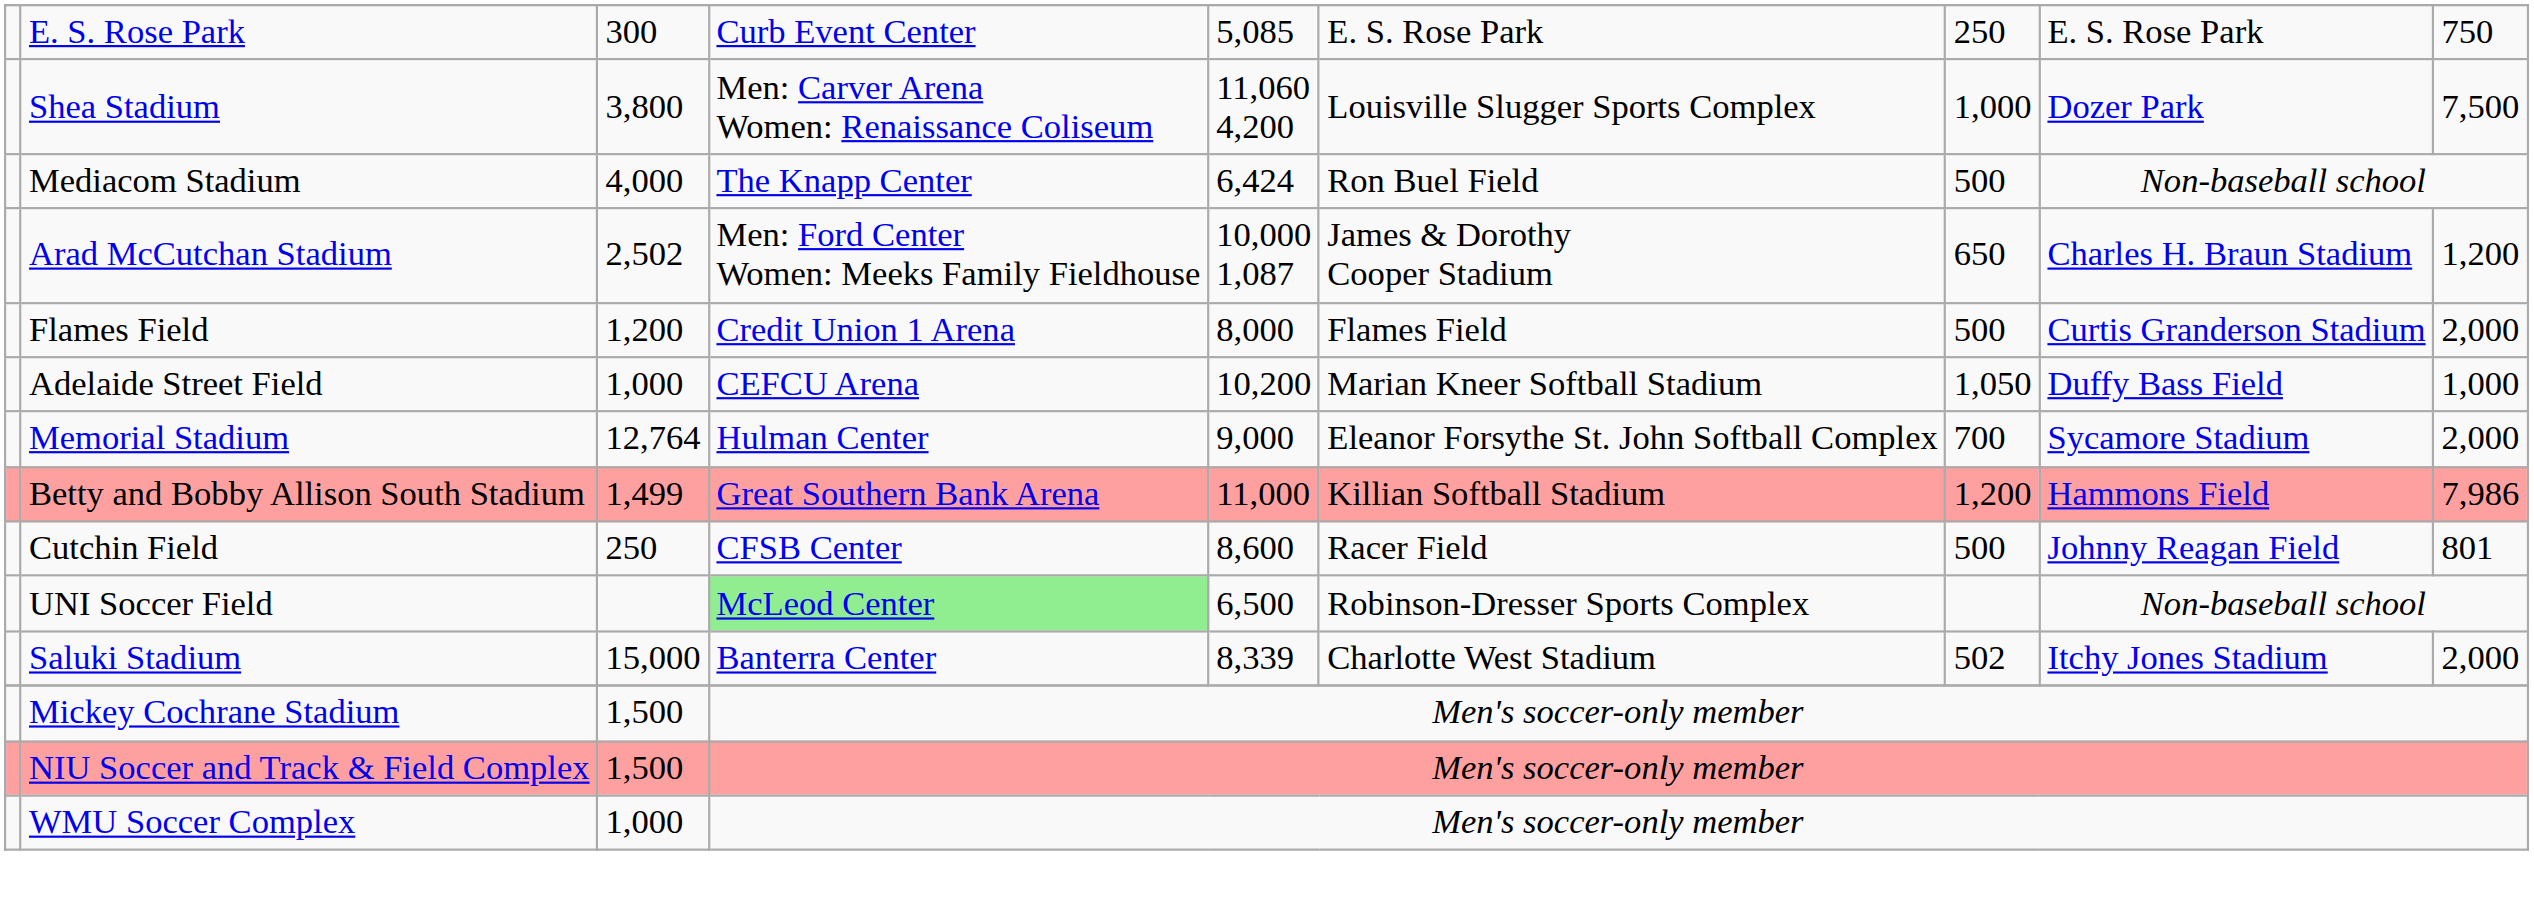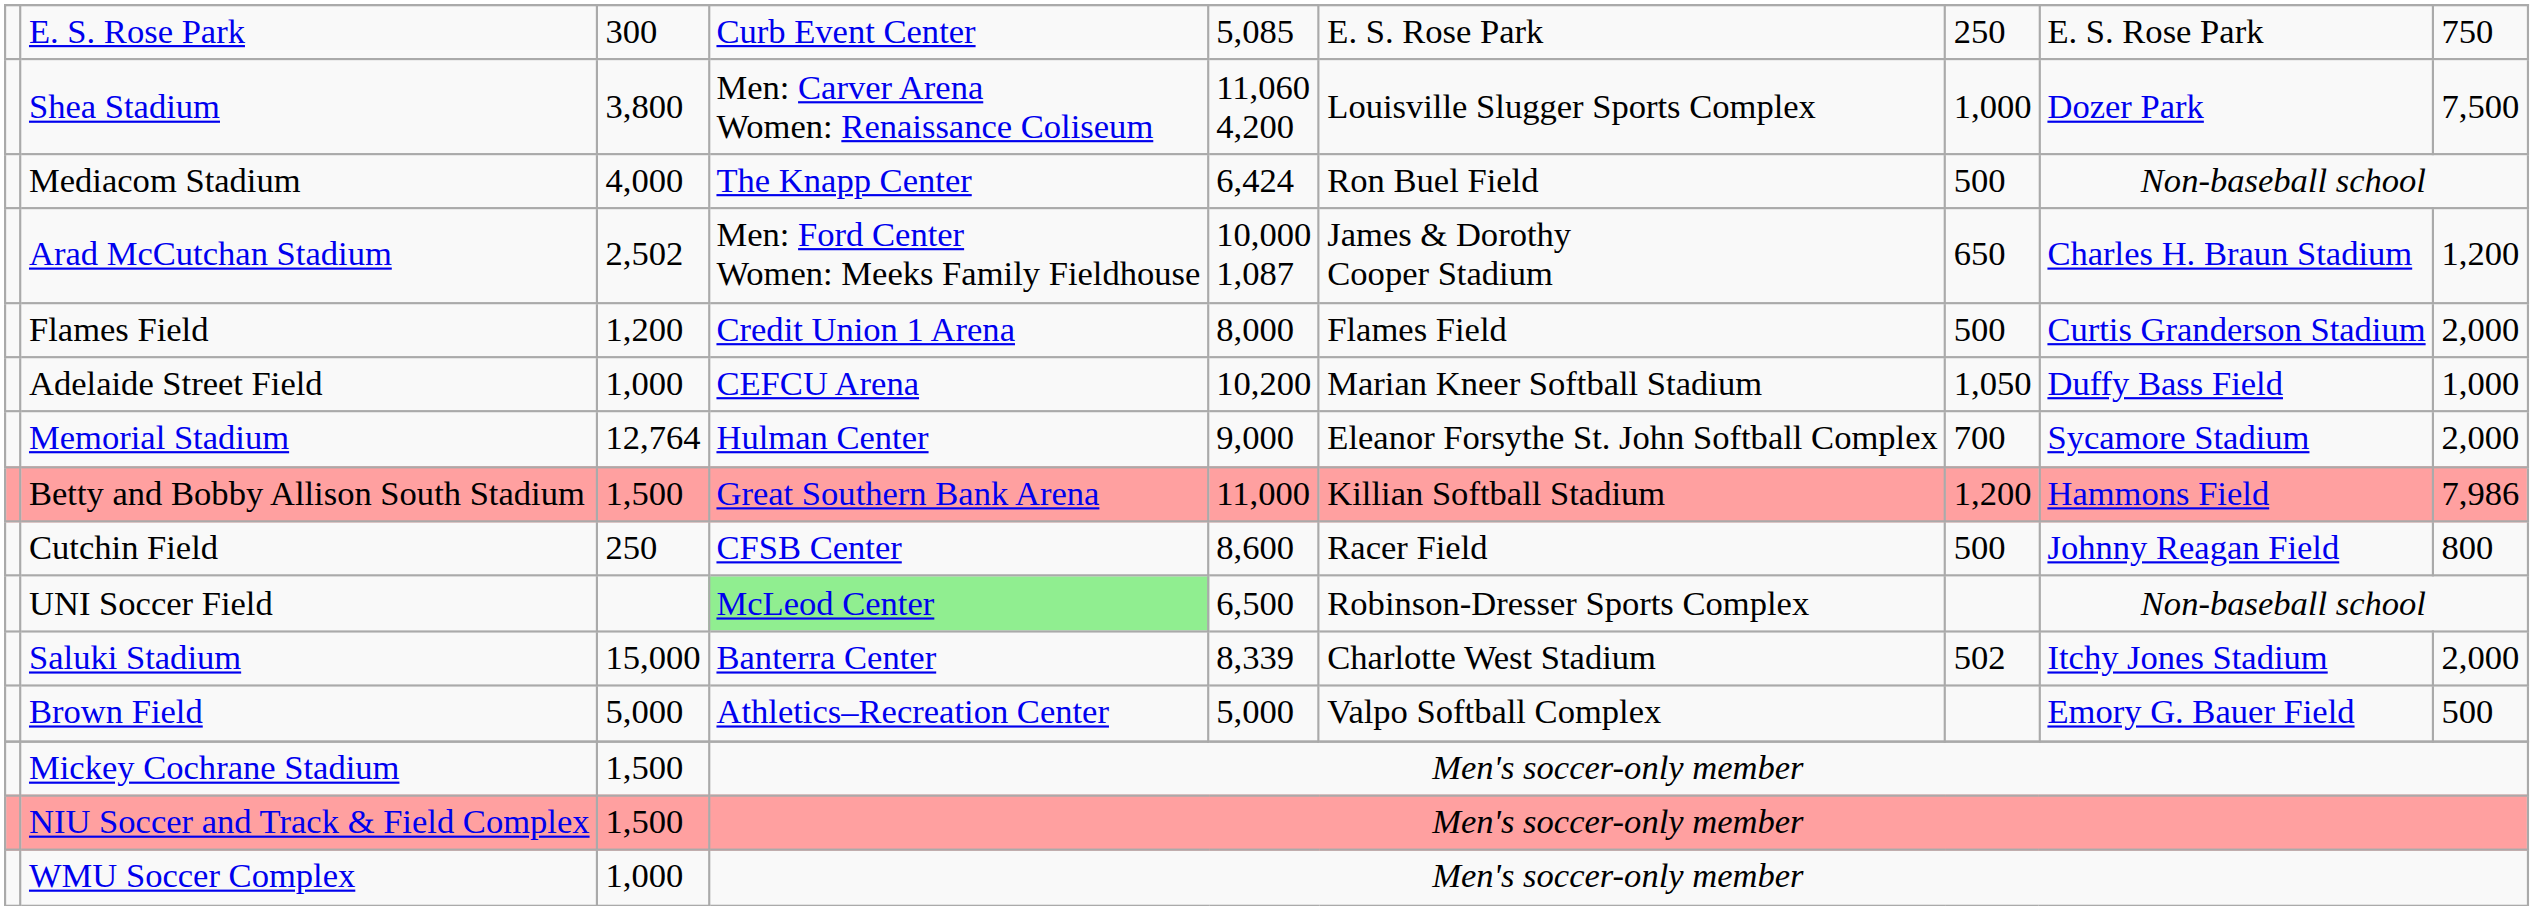 <table class="wikitable sortable">
 <tr>
 </tr>
 <tr>
 <td style="text-align:center; "><a href='#'></a></td>
 <td><a href='#'>E. S. Rose Park</a></td>
 <td>300</td>
 <td><a href='#'>Curb Event Center</a></td>
 <td>5,085</td>
 <td>E. S. Rose Park</td>
 <td>250</td>
 <td>E. S. Rose Park</td>
 <td>750</td>
 </tr>
 <tr>
 <td style="text-align:center; "><a href='#'></a></td>
 <td><a href='#'>Shea Stadium</a></td>
 <td>3,800</td>
 <td>Men: <a href='#'>Carver Arena</a><br>Women: <a href='#'>Renaissance Coliseum</a></td>
 <td>11,060<br>4,200</td>
 <td>Louisville Slugger Sports Complex</td>
 <td>1,000</td>
 <td><a href='#'>Dozer Park</a></td>
 <td>7,500</td>
 </tr>
 <tr>
 <td style="text-align:center; "><a href='#'></a></td>
 <td>Mediacom Stadium</td>
 <td>4,000</td>
 <td><a href='#'>The Knapp Center</a></td>
 <td>6,424</td>
 <td>Ron Buel Field</td>
 <td>500</td>
 <td colspan="2" style="text-align:center;"><em>Non-baseball school</em></td>
 </tr>
 <tr>
 <td style="text-align:center; "><a href='#'></a></td>
 <td><a href='#'>Arad McCutchan Stadium</a></td>
 <td>2,502</td>
 <td>Men: <a href='#'>Ford Center</a><br>Women: Meeks Family Fieldhouse</td>
 <td>10,000<br>1,087</td>
 <td>James & Dorothy <br>Cooper Stadium</td>
 <td>650</td>
 <td><a href='#'>Charles H. Braun Stadium</a></td>
 <td>1,200</td>
 </tr>
 <tr>
 <td style="text-align:center; "><a href='#'></a></td>
 <td>Flames Field</td>
 <td>1,200</td>
 <td><a href='#'>Credit Union 1 Arena</a></td>
 <td>8,000</td>
 <td>Flames Field</td>
 <td>500</td>
 <td><a href='#'>Curtis Granderson Stadium</a></td>
 <td>2,000</td>
 </tr>
 <tr>
 <td style="text-align:center; "><a href='#'></a></td>
 <td>Adelaide Street Field</td>
 <td>1,000</td>
 <td><a href='#'>CEFCU Arena</a></td>
 <td>10,200</td>
 <td>Marian Kneer Softball Stadium</td>
 <td>1,050</td>
 <td><a href='#'>Duffy Bass Field</a></td>
 <td>1,000</td>
 </tr>
 <tr>
 <td style="text-align:center; "><a href='#'></a></td>
 <td><a href='#'>Memorial Stadium</a></td>
 <td>12,764</td>
 <td><a href='#'>Hulman Center</a></td>
 <td>9,000</td>
 <td>Eleanor Forsythe St. John Softball Complex</td>
 <td>700</td>
 <td><a href='#'>Sycamore Stadium</a></td>
 <td>2,000</td>
 </tr>
 <tr bgcolor=#ffa0a0>
 <td style="text-align:center; "><a href='#'></a></td>
 <td>Betty and Bobby Allison South Stadium</td>
-<td>1,499</td>
+<td>1,500</td>
 <td><a href='#'>Great Southern Bank Arena</a></td>
 <td>11,000</td>
 <td>Killian Softball Stadium</td>
 <td>1,200</td>
 <td><a href='#'>Hammons Field</a></td>
 <td>7,986</td>
 </tr>
 <tr>
 <td style="text-align:center; "><a href='#'></a></td>
 <td>Cutchin Field</td>
 <td>250</td>
 <td><a href='#'>CFSB Center</a></td>
 <td>8,600</td>
 <td>Racer Field</td>
 <td>500</td>
 <td><a href='#'>Johnny Reagan Field</a></td>
-<td>801</td>
+<td>800</td>
 </tr>
 <tr>
 <td style="text-align:center; "><a href='#'></a></td>
 <td>UNI Soccer Field</td>
 <td></td>
 <td style="background: lightgreen;"><a href='#'>McLeod Center</a></td>
 <td>6,500</td>
 <td>Robinson-Dresser Sports Complex</td>
 <td></td>
 <td colspan="2" style="text-align:center;"><em>Non-baseball school</em></td>
 </tr>
 <tr>
 <td style="text-align:center; "><a href='#'></a></td>
 <td><a href='#'>Saluki Stadium</a></td>
 <td>15,000</td>
 <td><a href='#'>Banterra Center</a></td>
 <td>8,339</td>
 <td>Charlotte West Stadium</td>
 <td>502</td>
 <td><a href='#'>Itchy Jones Stadium</a></td>
 <td>2,000</td>
 </tr>
 <tr>
+<td style="text-align:center; "><a href='#'></a></td>
+<td><a href='#'>Brown Field</a></td>
+<td>5,000</td>
+<td><a href='#'>Athletics–Recreation Center</a></td>
+<td>5,000</td>
+<td>Valpo Softball Complex</td>
+<td></td>
+<td><a href='#'>Emory G. Bauer Field</a></td>
+<td>500</td>
+</tr>
+<tr>
 </tr>
 <tr>
 <td style="text-align:center; "><a href='#'></a></td>
 <td><a href='#'>Mickey Cochrane Stadium</a></td>
 <td>1,500</td>
 <td colspan=6 style="text-align:center"><em>Men's soccer-only member</em></td>
 </tr>
 <tr bgcolor=#ffa0a0>
 <td style="text-align:center; "><a href='#'></a></td>
 <td><a href='#'>NIU Soccer and Track & Field Complex</a></td>
 <td>1,500</td>
 <td colspan=6 style="text-align:center"><em>Men's soccer-only member</em></td>
 </tr>
 <tr>
 <td style="text-align:center; "><a href='#'></a></td>
 <td><a href='#'>WMU Soccer Complex</a></td>
 <td>1,000</td>
 <td colspan=6 style="text-align:center"><em>Men's soccer-only member</em></td>
 </tr>
 </table>
